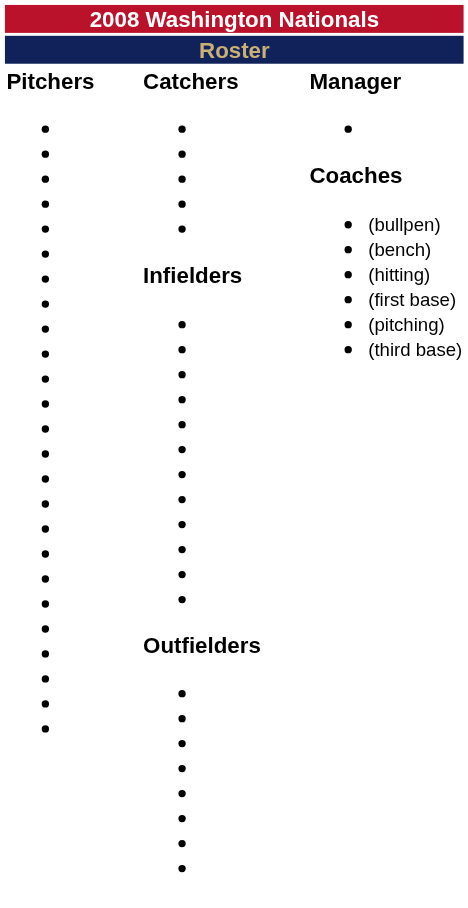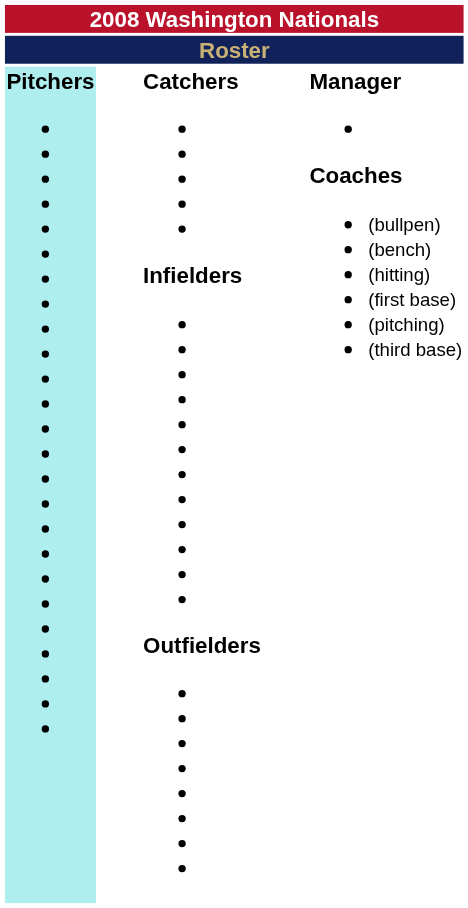 <table class="toccolours" style="font-size: 95%;">
 <tr>
 <th colspan="10" style="background-color: #ba122b; color: #FFFFFF; text-align: center;">2008 Washington Nationals</th>
 </tr>
 <tr>
 <td colspan="10" style="background-color: #11225b; color: #c9b074; text-align: center;"><strong>Roster</strong></td>
 </tr>
 <tr>
-<td valign="top"><strong>Pitchers</strong><br><ul><li></li><li></li><li></li><li></li><li></li><li></li><li></li><li></li><li></li><li></li><li></li><li></li><li></li><li></li><li></li><li></li><li></li><li></li><li></li><li></li><li></li><li></li><li></li><li></li><li></li></ul></td>
+<td valign="top" style="background: paleturquoise;"><strong>Pitchers</strong><br><ul><li></li><li></li><li></li><li></li><li></li><li></li><li></li><li></li><li></li><li></li><li></li><li></li><li></li><li></li><li></li><li></li><li></li><li></li><li></li><li></li><li></li><li></li><li></li><li></li><li></li></ul></td>
 <td width="25px"></td>
 <td valign="top"><strong>Catchers</strong><br><ul><li></li><li></li><li></li><li></li><li></li></ul><strong>Infielders</strong><ul><li></li><li></li><li></li><li></li><li></li><li></li><li></li><li></li><li></li><li></li><li></li><li></li></ul><strong>Outfielders</strong><ul><li></li><li></li><li></li><li></li><li></li><li></li><li></li><li></li></ul></td>
 <td width="25px"></td>
 <td valign="top"><strong>Manager</strong><br><ul><li></li></ul><strong>Coaches</strong><ul><li> <small>(bullpen)</small></li><li> <small>(bench)</small></li><li> <small>(hitting)</small></li><li> <small>(first base)</small></li><li> <small>(pitching)</small></li><li> <small>(third base)</small></li></ul></td>
 </tr>
 <tr>
 </tr>
 </table>
